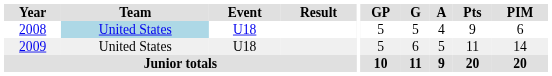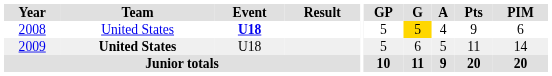 <table border="0" cellpadding="1" cellspacing="0" ID="Table3" style="text-align:center; width:40em">
 <tr ALIGN="center" bgcolor="#e0e0e0">
 <th>Year</th>
 <th>Team</th>
 <th>Event</th>
 <th>Result</th>
 <th rowspan="99" bgcolor="#ffffff"></th>
 <th>GP</th>
 <th>G</th>
 <th>A</th>
 <th>Pts</th>
 <th>PIM</th>
 </tr>
 <tr>
 <td><a href='#'>2008</a></td>
-<td style="background: lightblue;"><a href='#'>United States</a></td>
-<td><a href='#'>U18</a></td>
+<td><a href='#'>United States</a></td>
+<td><strong><a href='#'>U18</a></strong></td>
 <td></td>
 <td>5</td>
-<td>5</td>
+<td style="background: gold;">5</td>
 <td>4</td>
 <td>9</td>
 <td>6</td>
 </tr>
 <tr bgcolor="#f0f0f0">
 <td><a href='#'>2009</a></td>
-<td>United States</td>
+<td><strong>United States</strong></td>
 <td>U18</td>
 <td></td>
 <td>5</td>
 <td>6</td>
 <td>5</td>
 <td>11</td>
 <td>14</td>
 </tr>
 <tr bgcolor="#e0e0e0">
 <th colspan="4">Junior totals</th>
 <th>10</th>
 <th>11</th>
 <th>9</th>
 <th>20</th>
 <th>20</th>
 </tr>
 </table>
